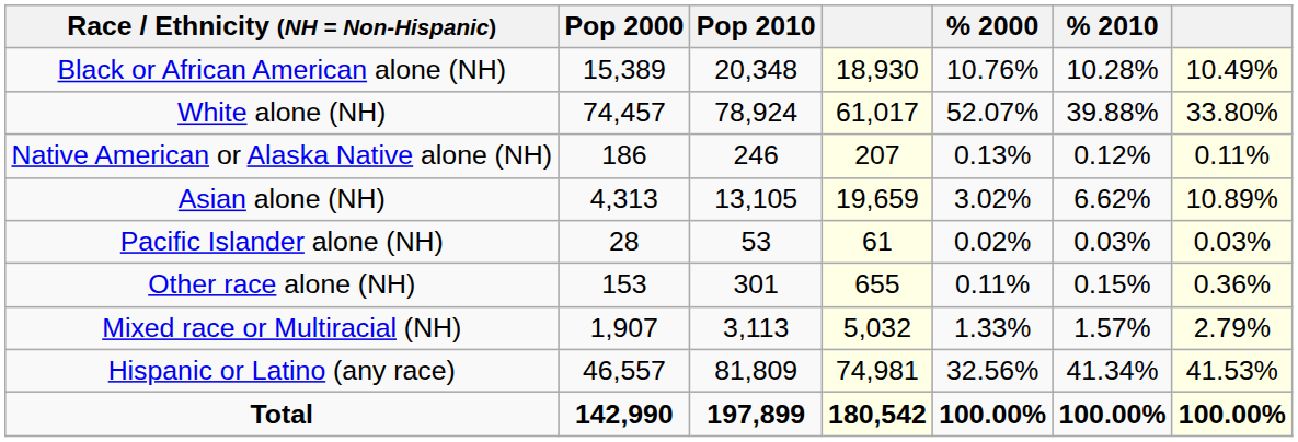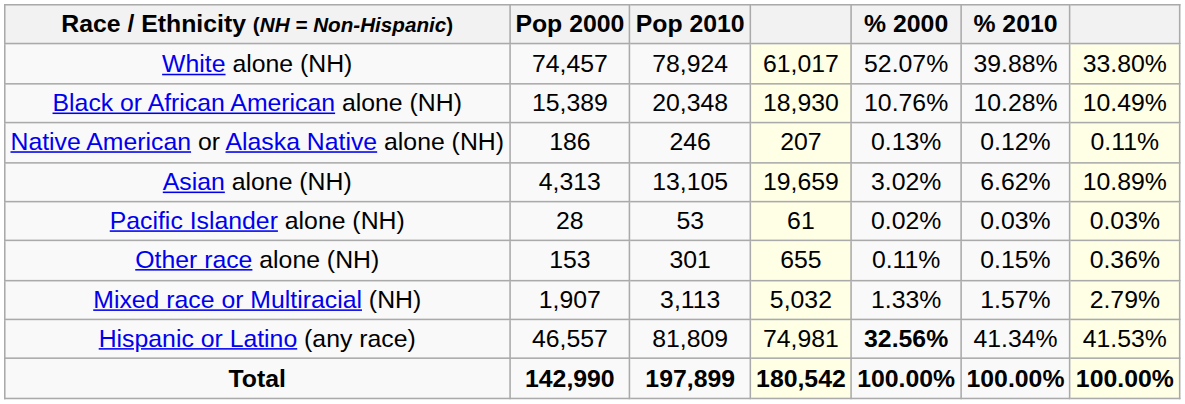 <table class="wikitable" style="text-align:center;">
 <tr>
 <th>Race / Ethnicity <small>(<em>NH = Non-Hispanic</em>)</small></th>
 <th>Pop 2000</th>
 <th>Pop 2010</th>
 <th></th>
 <th>% 2000</th>
 <th>% 2010</th>
 <th></th>
 </tr>
 <tr>
+<td><a href='#'>White</a> alone (NH)</td>
+<td>74,457</td>
+<td>78,924</td>
+<td style='background: #ffffe6;'>61,017</td>
+<td>52.07%</td>
+<td>39.88%</td>
+<td style='background: #ffffe6;'>33.80%</td>
+</tr>
+<tr>
 <td><a href='#'>Black or African American</a> alone (NH)</td>
 <td>15,389</td>
 <td>20,348</td>
 <td style='background: #ffffe6;'>18,930</td>
 <td>10.76%</td>
 <td>10.28%</td>
 <td style='background: #ffffe6;'>10.49%</td>
-</tr>
-<tr>
-<td><a href='#'>White</a> alone (NH)</td>
-<td>74,457</td>
-<td>78,924</td>
-<td style='background: #ffffe6;'>61,017</td>
-<td>52.07%</td>
-<td>39.88%</td>
-<td style='background: #ffffe6;'>33.80%</td>
 </tr>
 <tr>
 <td><a href='#'>Native American</a> or <a href='#'>Alaska Native</a> alone (NH)</td>
 <td>186</td>
 <td>246</td>
 <td style='background: #ffffe6;'>207</td>
 <td>0.13%</td>
 <td>0.12%</td>
 <td style='background: #ffffe6;'>0.11%</td>
 </tr>
 <tr>
 <td><a href='#'>Asian</a> alone (NH)</td>
 <td>4,313</td>
 <td>13,105</td>
 <td style='background: #ffffe6;'>19,659</td>
 <td>3.02%</td>
 <td>6.62%</td>
 <td style='background: #ffffe6;'>10.89%</td>
 </tr>
 <tr>
 <td><a href='#'>Pacific Islander</a> alone (NH)</td>
 <td>28</td>
 <td>53</td>
 <td style='background: #ffffe6;'>61</td>
 <td>0.02%</td>
 <td>0.03%</td>
 <td style='background: #ffffe6;'>0.03%</td>
 </tr>
 <tr>
 <td><a href='#'>Other race</a> alone (NH)</td>
 <td>153</td>
 <td>301</td>
 <td style='background: #ffffe6;'>655</td>
 <td>0.11%</td>
 <td>0.15%</td>
 <td style='background: #ffffe6;'>0.36%</td>
 </tr>
 <tr>
 <td><a href='#'>Mixed race or Multiracial</a> (NH)</td>
 <td>1,907</td>
 <td>3,113</td>
 <td style='background: #ffffe6;'>5,032</td>
 <td>1.33%</td>
 <td>1.57%</td>
 <td style='background: #ffffe6;'>2.79%</td>
 </tr>
 <tr>
 <td><a href='#'>Hispanic or Latino</a> (any race)</td>
 <td>46,557</td>
 <td>81,809</td>
 <td style='background: #ffffe6;'>74,981</td>
-<td>32.56%</td>
+<td><strong>32.56%</strong></td>
 <td>41.34%</td>
 <td style='background: #ffffe6;'>41.53%</td>
 </tr>
 <tr>
 <td><strong>Total</strong></td>
 <td><strong>142,990</strong></td>
 <td><strong>197,899</strong></td>
 <td style='background: #ffffe6;'><strong>180,542</strong></td>
 <td><strong>100.00%</strong></td>
 <td><strong>100.00%</strong></td>
 <td style='background: #ffffe6;'><strong>100.00%</strong></td>
 </tr>
 </table>
